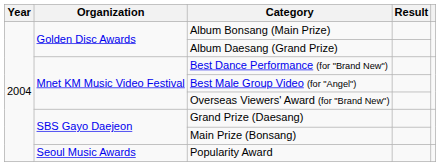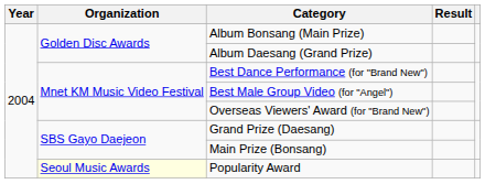 <table class="wikitable plainrowheaders">
 <tr>
 <th>Year</th>
 <th>Organization</th>
 <th>Category</th>
 <th>Result</th>
 <th scope="col" class="unsortable"></th>
 </tr>
 <tr>
 <td rowspan="8">2004</td>
 <td rowspan="2"><a href='#'>Golden Disc Awards</a></td>
 <td>Album Bonsang (Main Prize)</td>
 <td></td>
 <td style="text-align:center;" rowspan="2"></td>
 </tr>
 <tr>
 <td>Album Daesang (Grand Prize)</td>
 <td></td>
 </tr>
 <tr>
 <td rowspan="3"><a href='#'>Mnet KM Music Video Festival</a></td>
 <td><a href='#'>Best Dance Performance</a> <small>(for "Brand New")</small></td>
 <td></td>
 <td style="text-align:center;" rowspan="3"></td>
 </tr>
 <tr>
 <td><a href='#'>Best Male Group Video</a> <small>(for "Angel")</small></td>
 <td></td>
 </tr>
 <tr>
 <td>Overseas Viewers' Award <small>(for "Brand New")</small></td>
 <td></td>
 </tr>
 <tr>
 <td rowspan="2"><a href='#'>SBS Gayo Daejeon</a></td>
 <td>Grand Prize (Daesang)</td>
 <td></td>
 <td style="text-align:center;" rowspan="2"></td>
 </tr>
 <tr>
 <td>Main Prize (Bonsang)</td>
 <td></td>
 </tr>
 <tr>
-<td><a href='#'>Seoul Music Awards</a></td>
+<td style="background: lightyellow;"><a href='#'>Seoul Music Awards</a></td>
 <td>Popularity Award</td>
 <td></td>
 <td style="text-align:center;"></td>
 </tr>
 </table>
